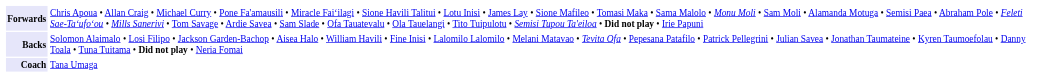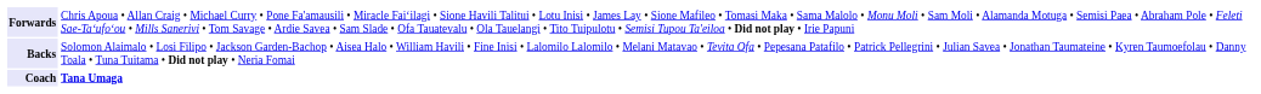 <table cellpadding="2" style="border: 1px solid white; font-size:90%;">
 <tr>
 <td style="text-align:right" bgcolor="lavender"><strong>Forwards</strong></td>
 <td style="text-align:left"><a href='#'>Chris Apoua</a> • <a href='#'>Allan Craig</a> • <a href='#'>Michael Curry</a> • <a href='#'>Pone Fa'amausili</a> • <a href='#'>Miracle Faiʻilagi</a> • <a href='#'>Sione Havili Talitui</a> • <a href='#'>Lotu Inisi</a> • <a href='#'>James Lay</a> • <a href='#'>Sione Mafileo</a> • <a href='#'>Tomasi Maka</a> • <a href='#'>Sama Malolo</a> • <em><a href='#'>Monu Moli</a></em> • <a href='#'>Sam Moli</a> • <a href='#'>Alamanda Motuga</a> • <a href='#'>Semisi Paea</a> • <a href='#'>Abraham Pole</a> • <em><a href='#'>Feleti Sae-Taʻufoʻou</a></em> • <em><a href='#'>Mills Sanerivi</a></em> • <a href='#'>Tom Savage</a> • <a href='#'>Ardie Savea</a> • <a href='#'>Sam Slade</a> • <a href='#'>Ofa Tauatevalu</a> • <a href='#'>Ola Tauelangi</a> • <a href='#'>Tito Tuipulotu</a> • <em><a href='#'>Semisi Tupou Ta'eiloa</a></em> • <strong>Did not play</strong> • <a href='#'>Irie Papuni</a></td>
 </tr>
 <tr>
 <td style="text-align:right" bgcolor="lavender"><strong>Backs</strong></td>
 <td style="text-align:left"><a href='#'>Solomon Alaimalo</a> • <a href='#'>Losi Filipo</a> • <a href='#'>Jackson Garden-Bachop</a> • <a href='#'>Aisea Halo</a> • <a href='#'>William Havili</a> • <a href='#'>Fine Inisi</a> • <a href='#'>Lalomilo Lalomilo</a> • <a href='#'>Melani Matavao</a> • <em><a href='#'>Tevita Ofa</a></em> • <a href='#'>Pepesana Patafilo</a> • <a href='#'>Patrick Pellegrini</a> • <a href='#'>Julian Savea</a> • <a href='#'>Jonathan Taumateine</a> • <a href='#'>Kyren Taumoefolau</a> • <a href='#'>Danny Toala</a> • <a href='#'>Tuna Tuitama</a> • <strong>Did not play</strong> • <a href='#'>Neria Fomai</a></td>
 </tr>
 <tr>
 <td style="text-align:right" bgcolor="lavender"><strong>Coach</strong></td>
-<td style="text-align:left"><a href='#'>Tana Umaga</a></td>
+<td style="text-align:left"><strong><a href='#'>Tana Umaga</a></strong></td>
 </tr>
 </table>
